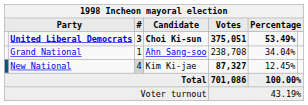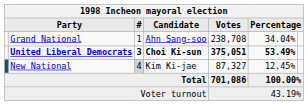 <table class="wikitable">
 <tr>
 <th colspan="7">1998 Incheon mayoral election</th>
 </tr>
 <tr>
 <th style="background-color:#E9E9E9" colspan=2>Party</th>
 <th style="background-color:#E9E9E9">#</th>
 <th style="background-color:#E9E9E9">Candidate</th>
 <th style="background-color:#E9E9E9">Votes</th>
 <th style="background-color:#E9E9E9" colspan=2>Percentage</th>
 </tr>
+<tr>
+<td></td>
+<td align=left><a href='#'>Grand National</a></td>
+<td align=center>1</td>
+<td align=left><a href='#'>Ahn Sang-soo</a></td>
+<td align=right>238,708</td>
+<td align=right>34.04%</td>
+<td align=right></td>
+</tr>
 <tr style="font-weight:bold">
 <td></td>
 <td align=left><a href='#'>United Liberal Democrats</a></td>
 <td align=center>3</td>
 <td align=left>Choi Ki-sun</td>
 <td align=right>375,051</td>
 <td align=right>53.49%</td>
 <td align=right></td>
 </tr>
 <tr>
-<td></td>
-<td align=left><a href='#'>Grand National</a></td>
-<td align=center>1</td>
-<td align=left><a href='#'>Ahn Sang-soo</a></td>
-<td align=right>238,708</td>
-<td align=right>34.04%</td>
-<td align=right></td>
-</tr>
-<tr>
 <td bgcolor="#05517E"></td>
 <td align=left><a href='#'>New National</a></td>
 <td align=center style="background: lightgrey;">4</td>
 <td align=left>Kim Ki-jae</td>
-<td align=right><strong>87,327</strong></td>
+<td align=right>87,327</td>
 <td align=right>12.45%</td>
 <td align=right></td>
 </tr>
 <tr bgcolor="#EEEEEE" style="font-weight:bold">
 <td colspan="4" align=right>Total</td>
 <td align=right>701,086</td>
 <td align=right colspan=2>100.00%</td>
 </tr>
 <tr bgcolor="#EEEEEE">
 <td colspan="4" align="right">Voter turnout</td>
 <td colspan="3" align="right">43.19%</td>
 </tr>
 </table>
